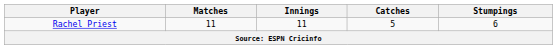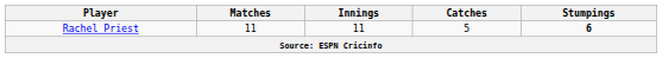 <table class="wikitable" style="text-align:center; width:55%;">
 <tr>
 <th>Player</th>
 <th>Matches</th>
 <th>Innings</th>
 <th>Catches</th>
 <th>Stumpings</th>
 </tr>
 <tr>
 <td><a href='#'>Rachel Priest</a></td>
 <td>11</td>
 <td>11</td>
 <td>5</td>
-<td>6</td>
+<td><strong>6</strong></td>
 </tr>
 <tr>
 <th colspan="5"><small>Source: ESPN Cricinfo </small></th>
 </tr>
 </table>
